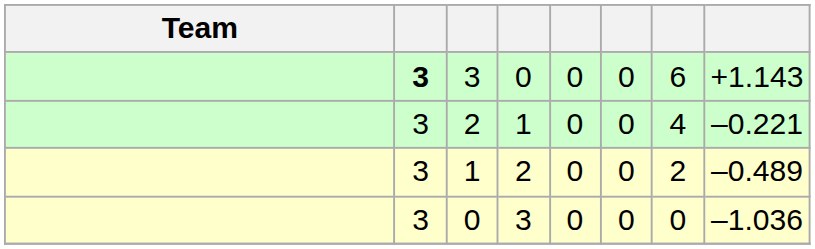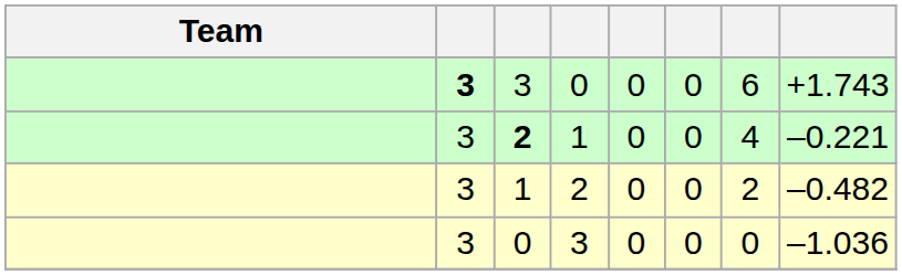 <table class="wikitable" style="text-align:center">
 <tr>
 <th width=200>Team</th>
 <th width=20></th>
 <th width=20></th>
 <th width=20></th>
 <th width=20></th>
 <th width=20></th>
 <th width=20></th>
 <th width=45></th>
 </tr>
 <tr style="background:#cfc;">
 <td align="left"></td>
 <td><strong>3</strong></td>
 <td>3</td>
 <td>0</td>
 <td>0</td>
 <td>0</td>
 <td>6</td>
-<td>+1.143</td>
+<td>+1.743</td>
 </tr>
 <tr style="background:#cfc;">
 <td align="left"></td>
 <td>3</td>
-<td>2</td>
+<td><strong>2</strong></td>
 <td>1</td>
 <td>0</td>
 <td>0</td>
 <td>4</td>
 <td>–0.221</td>
 </tr>
 <tr style="background:#ffc;">
 <td align="left"></td>
 <td>3</td>
 <td>1</td>
 <td>2</td>
 <td>0</td>
 <td>0</td>
 <td>2</td>
-<td>–0.489</td>
+<td>–0.482</td>
 </tr>
 <tr style="background:#ffc;">
 <td align="left"></td>
 <td>3</td>
 <td>0</td>
 <td>3</td>
 <td>0</td>
 <td>0</td>
 <td>0</td>
 <td>–1.036</td>
 </tr>
 <tr>
 </tr>
 </table>
